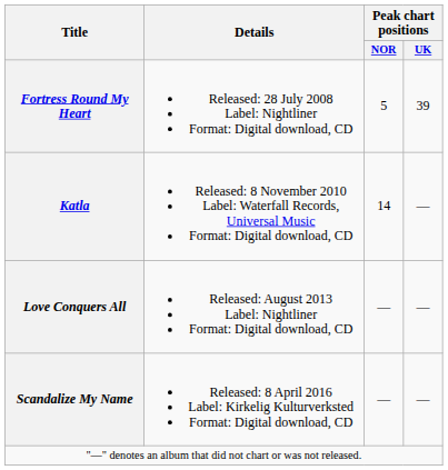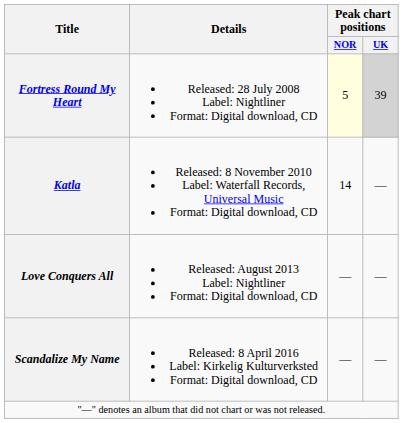 <table class="wikitable plainrowheaders" style="text-align:center;">
 <tr>
 <th scope="col" rowspan="2" style="width:10em;">Title</th>
 <th scope="col" rowspan="2" style="width:16em;">Details</th>
 <th scope="col" colspan="2">Peak chart positions</th>
 </tr>
 <tr>
 <th scope="col" style="width:3em;font-size:85%;"><a href='#'>NOR</a><br></th>
 <th scope="col" style="width:3em;font-size:85%;"><a href='#'>UK</a><br></th>
 </tr>
 <tr>
 <th scope="row"><em><a href='#'>Fortress Round My Heart</a></em></th>
 <td><br><ul><li>Released: 28 July 2008</li><li>Label: Nightliner</li><li>Format: Digital download, CD</li></ul></td>
-<td>5</td>
-<td>39</td>
+<td style="background: lightyellow;">5</td>
+<td style="background: lightgrey;">39</td>
 </tr>
 <tr>
 <th scope="row"><em><a href='#'>Katla</a></em></th>
 <td><br><ul><li>Released: 8 November 2010</li><li>Label: Waterfall Records, <a href='#'>Universal Music</a></li><li>Format: Digital download, CD</li></ul></td>
 <td>14</td>
 <td>—</td>
 </tr>
 <tr>
 <th scope="row"><em>Love Conquers All</em></th>
 <td><br><ul><li>Released: August 2013</li><li>Label: Nightliner</li><li>Format: Digital download, CD</li></ul></td>
 <td>—</td>
 <td>—</td>
 </tr>
 <tr>
 <th scope="row"><em>Scandalize My Name</em></th>
 <td><br><ul><li>Released: 8 April 2016</li><li>Label: Kirkelig Kulturverksted</li><li>Format: Digital download, CD</li></ul></td>
 <td>—</td>
 <td>—</td>
 </tr>
 <tr>
 <td colspan="20" style="text-align:center; font-size:85%;">"—" denotes an album that did not chart or was not released.</td>
 </tr>
 </table>
